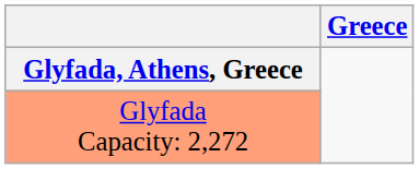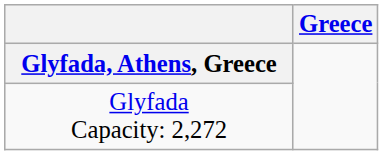 <table class="wikitable" style="text-align:center;">
 <tr>
 <th></th>
 <th><a href='#'>Greece</a></th>
 </tr>
 <tr>
 <th width=180><a href='#'>Glyfada, Athens</a>, Greece</th>
 <td rowspan=2></td>
 </tr>
 <tr>
-<td style="background: lightsalmon;"><a href='#'>Glyfada</a><br>Capacity: 2,272</td>
+<td><a href='#'>Glyfada</a><br>Capacity: 2,272</td>
 </tr>
 </table>
